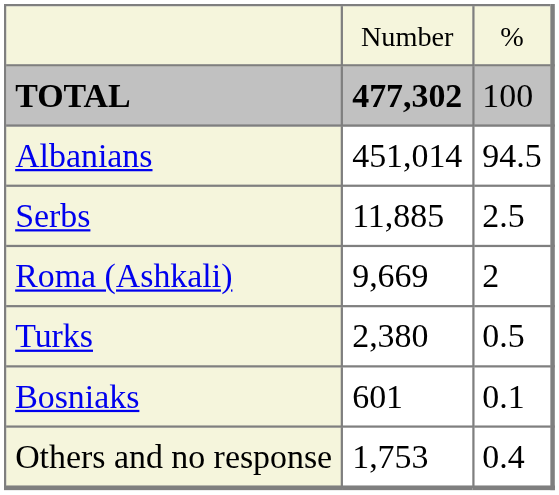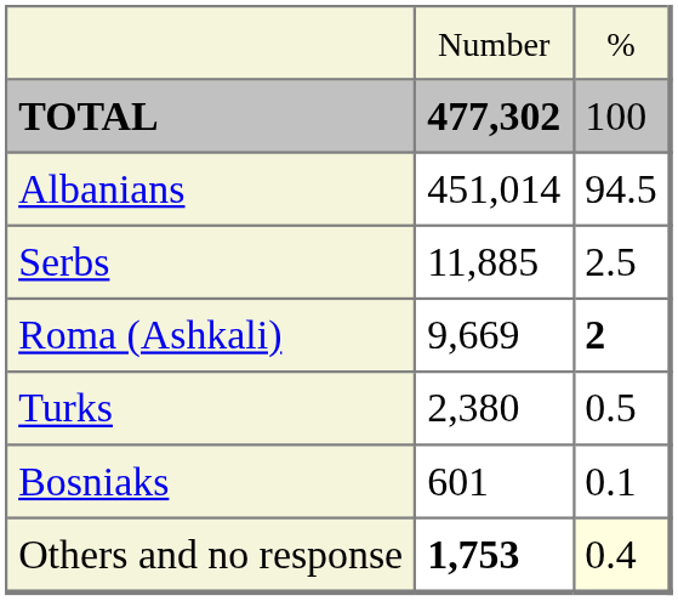 <table border=1 cellpadding=4 cellspacing=0 class="toccolours" style="align: left; margin: 0.5em 0 0 0; border-style: solid; border: 1px solid #7f7f7f; border-right-width: 2px; border-bottom-width: 2px; border-collapse: collapse; font-size: 95%;">
 <tr>
 <td style="background:#F5F5DC;"></td>
 <td style="background:#F5F5DC;" align="center"><small>Number</small></td>
 <td style="background:#F5F5DC;" align="center"><small>%</small></td>
 </tr>
 <tr>
 <td style="background:#c1c1c1;"><strong>TOTAL</strong></td>
 <td style="background:#c1c1c1;"><strong>477,302</strong></td>
 <td style="background:#c1c1c1;">100</td>
 </tr>
 <tr>
 <td style="background:#F5F5DC;"><a href='#'>Albanians</a></td>
 <td>451,014</td>
 <td>94.5</td>
 </tr>
 <tr>
 <td style="background:#F5F5DC;"><a href='#'>Serbs</a></td>
 <td>11,885</td>
 <td>2.5</td>
 </tr>
 <tr>
 <td style="background:#F5F5DC;"><a href='#'>Roma (Ashkali)</a></td>
 <td>9,669</td>
-<td>2</td>
+<td><strong>2</strong></td>
 </tr>
 <tr>
 <td style="background:#F5F5DC;"><a href='#'>Turks</a></td>
 <td>2,380</td>
 <td>0.5</td>
 </tr>
 <tr>
 <td style="background:#F5F5DC;"><a href='#'>Bosniaks</a></td>
 <td>601</td>
 <td>0.1</td>
 </tr>
 <tr>
 <td style="background:#F5F5DC;">Others and no response</td>
-<td>1,753</td>
-<td>0.4</td>
+<td><strong>1,753</strong></td>
+<td style="background: lightyellow;">0.4</td>
 </tr>
 <tr>
 </tr>
 </table>
